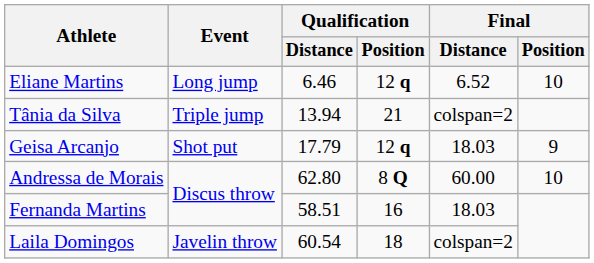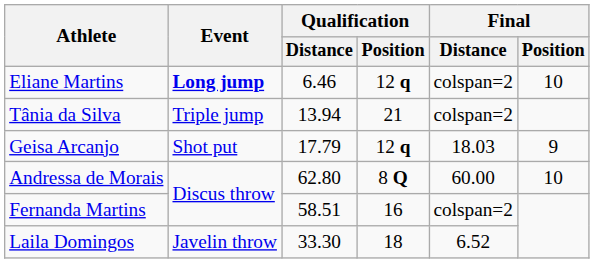 <table class=wikitable style=font-size:90%>
 <tr>
 <th rowspan=2>Athlete</th>
 <th rowspan=2>Event</th>
 <th colspan=2>Qualification</th>
 <th colspan=2>Final</th>
 </tr>
 <tr style=font-size:95%>
 <th>Distance</th>
 <th>Position</th>
 <th>Distance</th>
 <th>Position</th>
 </tr>
 <tr align=center>
 <td align=left><a href='#'>Eliane Martins</a></td>
-<td align=left><a href='#'>Long jump</a></td>
+<td align=left><strong><a href='#'>Long jump</a></strong></td>
 <td>6.46</td>
 <td>12 <strong>q</strong></td>
-<td>6.52</td>
+<td>colspan=2 </td>
 <td>10</td>
 </tr>
 <tr align=center>
 <td align=left><a href='#'>Tânia da Silva</a></td>
 <td align=left><a href='#'>Triple jump</a></td>
 <td>13.94</td>
 <td>21</td>
 <td>colspan=2 </td>
 </tr>
 <tr align=center>
 <td align=left><a href='#'>Geisa Arcanjo</a></td>
 <td align=left><a href='#'>Shot put</a></td>
 <td>17.79</td>
 <td>12 <strong>q</strong></td>
 <td>18.03</td>
 <td>9</td>
 </tr>
 <tr align=center>
 <td align=left><a href='#'>Andressa de Morais</a></td>
 <td align=left rowspan=2><a href='#'>Discus throw</a></td>
 <td>62.80</td>
 <td>8 <strong>Q</strong></td>
 <td>60.00</td>
 <td>10</td>
 </tr>
 <tr align=center>
 <td align=left><a href='#'>Fernanda Martins</a></td>
 <td>58.51</td>
 <td>16</td>
-<td>18.03</td>
+<td>colspan=2 </td>
 </tr>
 <tr align=center>
 <td align=left><a href='#'>Laila Domingos</a></td>
 <td align=left><a href='#'>Javelin throw</a></td>
-<td>60.54</td>
+<td>33.30</td>
 <td>18</td>
-<td>colspan=2 </td>
+<td>6.52</td>
 </tr>
 </table>
